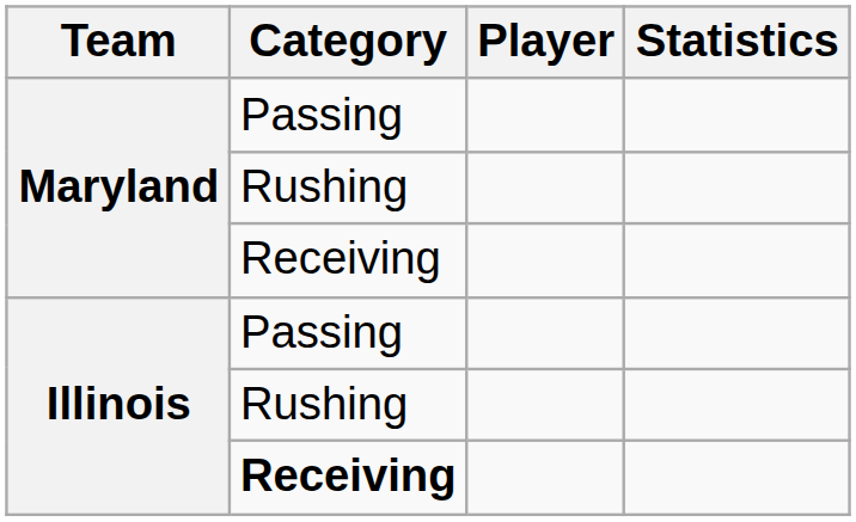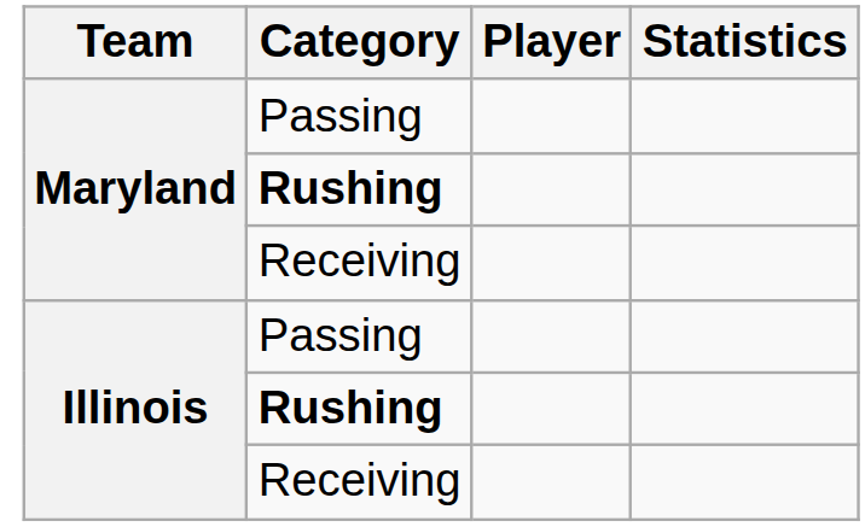 <table class="wikitable" style="float:right">
 <tr>
 <th>Team</th>
 <th>Category</th>
 <th>Player</th>
 <th>Statistics</th>
 </tr>
 <tr>
 <th rowspan=3>Maryland</th>
 <td>Passing</td>
 <td></td>
 <td></td>
 </tr>
 <tr>
-<td>Rushing</td>
+<td><strong>Rushing</strong></td>
 <td></td>
 <td></td>
 </tr>
 <tr>
 <td>Receiving</td>
 <td></td>
 <td></td>
 </tr>
 <tr>
 <th rowspan=3>Illinois</th>
 <td>Passing</td>
 <td></td>
 <td></td>
 </tr>
 <tr>
-<td>Rushing</td>
+<td><strong>Rushing</strong></td>
 <td></td>
 <td></td>
 </tr>
 <tr>
-<td><strong>Receiving</strong></td>
+<td>Receiving</td>
 <td></td>
 <td></td>
 </tr>
 </table>
